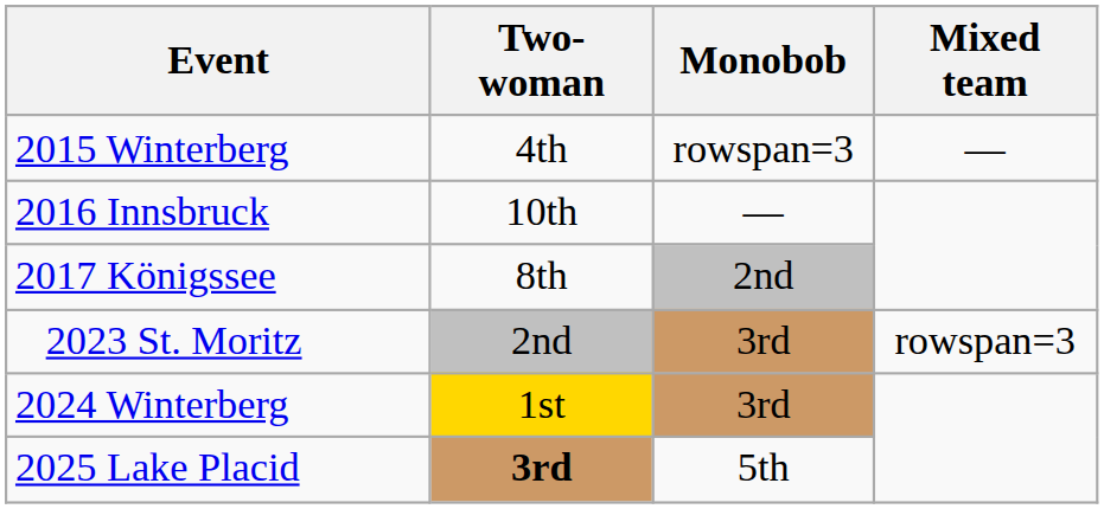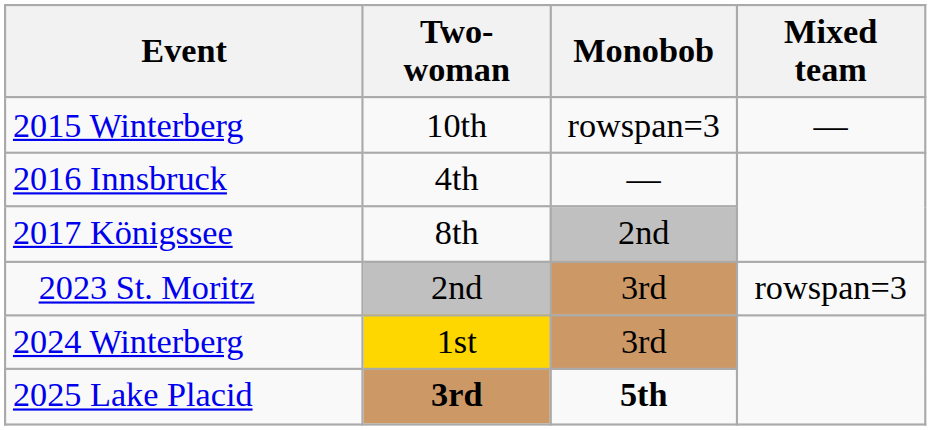 <table class="wikitable" style="text-align:center">
 <tr>
 <th style="width:160px">Event</th>
 <th style="width:80px">Two-woman</th>
 <th style="width:80px">Monobob</th>
 <th style="width:80px">Mixed team</th>
 </tr>
 <tr>
 <td style="text-align:left"> <a href='#'>2015 Winterberg</a></td>
-<td>4th</td>
+<td>10th</td>
 <td>rowspan=3 </td>
 <td>—</td>
 </tr>
 <tr>
 <td style="text-align:left"> <a href='#'>2016 Innsbruck</a></td>
-<td>10th</td>
+<td>4th</td>
 <td>—</td>
 </tr>
 <tr>
 <td style="text-align:left"> <a href='#'>2017 Königssee</a></td>
 <td>8th</td>
 <td style="background:silver">2nd</td>
 </tr>
 <tr>
 <td style="text-align:left">   <a href='#'>2023 St. Moritz</a></td>
 <td style="background:silver">2nd</td>
 <td style="background:#cc9966">3rd</td>
 <td>rowspan=3 </td>
 </tr>
 <tr>
 <td style="text-align:left"> <a href='#'>2024 Winterberg</a></td>
 <td style="background:gold">1st</td>
 <td style="background:#cc9966">3rd</td>
 </tr>
 <tr>
 <td style="text-align:left"> <a href='#'>2025 Lake Placid</a></td>
 <td style="background:#cc9966"><strong>3rd</strong></td>
-<td>5th</td>
+<td><strong>5th</strong></td>
 </tr>
 </table>
